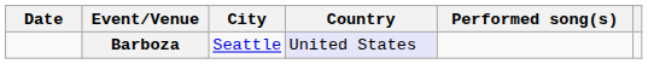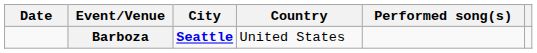 <table class="wikitable sortable plainrowheaders">
 <tr>
 <th scope="col" style="width:12%;">Date</th>
 <th scope="col" style="width:20%;">Event/Venue</th>
 <th scope="col" style="width:12%;">City</th>
 <th scope="col">Country</th>
 <th scope="col">Performed song(s)</th>
 <th scope="col" class="unsortable"></th>
 </tr>
 <tr>
 <td></td>
 <th scope="row">Barboza</th>
-<td><a href='#'>Seattle</a></td>
-<td style="background: lavender;">United States</td>
+<td><strong><a href='#'>Seattle</a></strong></td>
+<td>United States</td>
 <td style="text-align:left;"></td>
 </tr>
 </table>
